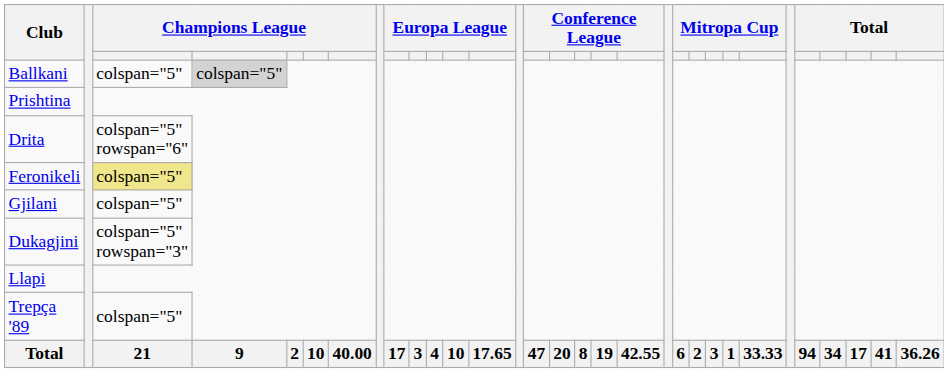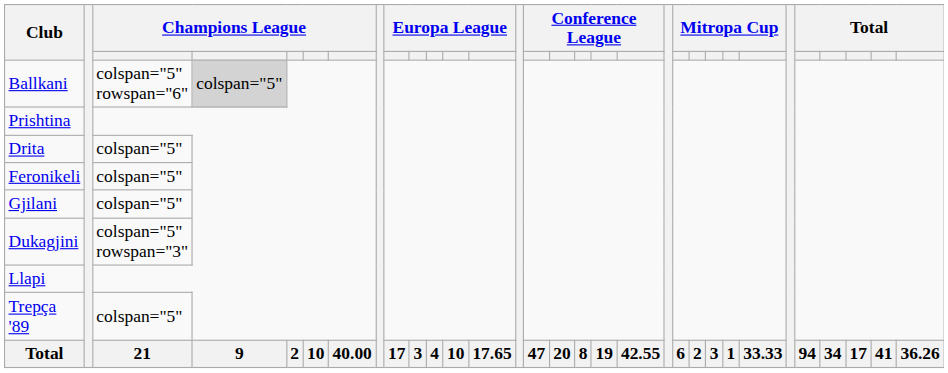 <table class="wikitable">
 <tr>
 <th rowspan="2">Club</th>
 <th rowspan="11"></th>
 <th colspan="5"><a href='#'>Champions League</a></th>
 <th rowspan="11"></th>
 <th colspan="5"><a href='#'>Europa League</a></th>
 <th rowspan="11"></th>
 <th colspan="5"><a href='#'>Conference League</a></th>
 <th rowspan="11"></th>
 <th colspan="5"><a href='#'>Mitropa Cup</a></th>
 <th rowspan="11"></th>
 <th colspan="5">Total</th>
 </tr>
 <tr>
 <th></th>
 <th></th>
 <th></th>
 <th></th>
 <th></th>
 <th></th>
 <th></th>
 <th></th>
 <th></th>
 <th></th>
 <th></th>
 <th></th>
 <th></th>
 <th></th>
 <th></th>
 <th></th>
 <th></th>
 <th></th>
 <th></th>
 <th></th>
 <th></th>
 <th></th>
 <th></th>
 <th></th>
 <th></th>
 </tr>
 <tr>
 <td><a href='#'>Ballkani</a><br></td>
-<td>colspan="5" <br></td>
+<td>colspan="5" rowspan="6" <br></td>
 <td style="background: lightgrey;">colspan="5" <br></td>
 </tr>
 <tr>
 <td><a href='#'>Prishtina</a><br>    </td>
 </tr>
 <tr>
 <td><a href='#'>Drita</a><br>  </td>
-<td>colspan="5" rowspan="6" <br></td>
+<td>colspan="5" <br></td>
 </tr>
 <tr>
 <td><a href='#'>Feronikeli</a><br> </td>
-<td style="background: khaki;">colspan="5" <br></td>
+<td>colspan="5" <br></td>
 </tr>
 <tr>
 <td><a href='#'>Gjilani</a></td>
 <td>colspan="5" <br></td>
 </tr>
 <tr>
 <td><a href='#'>Dukagjini</a></td>
 <td>colspan="5" rowspan="3" <br> </td>
 </tr>
 <tr>
 <td><a href='#'>Llapi</a><br> </td>
 </tr>
 <tr>
 <td><a href='#'>Trepça '89</a><br></td>
 <td>colspan="5" <br></td>
 </tr>
 <tr>
 <th>Total</th>
 <th>21</th>
 <th>9</th>
 <th>2</th>
 <th>10</th>
 <th>40.00</th>
 <th>17</th>
 <th>3</th>
 <th>4</th>
 <th>10</th>
 <th>17.65</th>
 <th>47</th>
 <th>20</th>
 <th>8</th>
 <th>19</th>
 <th>42.55</th>
 <th>6</th>
 <th>2</th>
 <th>3</th>
 <th>1</th>
 <th>33.33</th>
 <th>94</th>
 <th>34</th>
 <th>17</th>
 <th>41</th>
 <th>36.26</th>
 </tr>
 </table>
